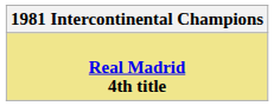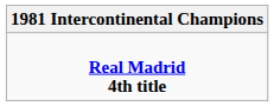 <table class=wikitable style="text-align:center; margin:auto">
 <tr>
 <th>1981 Intercontinental Champions</th>
 </tr>
 <tr>
-<td style="background: khaki;"><br> <strong><a href='#'>Real Madrid</a></strong> <br> <strong>4th title</strong></td>
+<td><br> <strong><a href='#'>Real Madrid</a></strong> <br> <strong>4th title</strong></td>
 </tr>
 </table>
